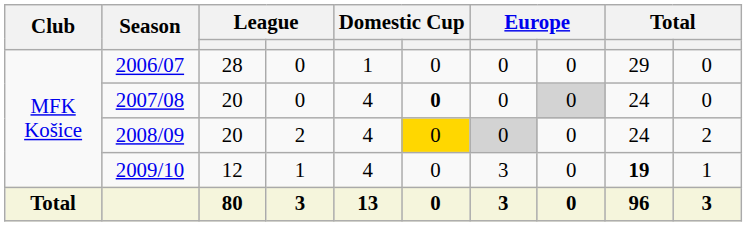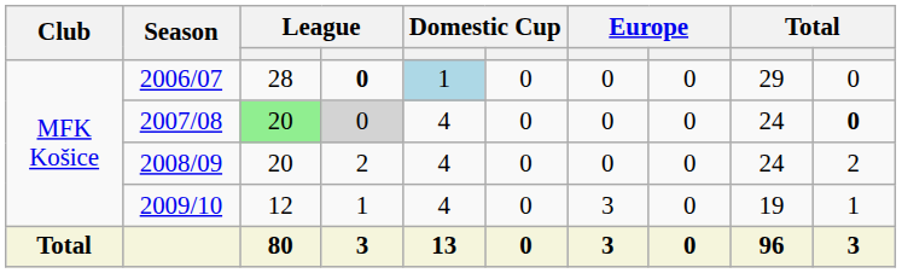 <table class="wikitable" align=center style="font-size:90%; text-align: center;">
 <tr>
 <th width=60 rowspan="2">Club</th>
 <th width=60 rowspan="2">Season</th>
 <th width=80 colspan="2">League</th>
 <th width=80 colspan="2">Domestic Cup</th>
 <th width=80 colspan="2"><a href='#'>Europe</a></th>
 <th width=80 colspan="2">Total</th>
 </tr>
 <tr align=center>
 <th width=40 App></th>
 <th width=40 abbr="Goals for"></th>
 <th width=40 App></th>
 <th width=40 abbr="Goals for"></th>
 <th width=40 App></th>
 <th width=40 abbr="Goals for"></th>
 <th width=40 App></th>
 <th width=40 abbr="Goals for"></th>
 </tr>
 <tr align=center>
 <td rowspan="4" valign=center><a href='#'>MFK Košice</a></td>
 <td><a href='#'>2006/07</a></td>
 <td>28</td>
-<td>0</td>
-<td>1</td>
+<td><strong>0</strong></td>
+<td style="background: lightblue;">1</td>
 <td>0</td>
 <td>0</td>
 <td>0</td>
 <td>29</td>
 <td>0</td>
 </tr>
 <tr align=center>
 <td><a href='#'>2007/08</a></td>
-<td>20</td>
+<td style="background: lightgreen;">20</td>
+<td style="background: lightgrey;">0</td>
+<td>4</td>
 <td>0</td>
-<td>4</td>
+<td>0</td>
+<td>0</td>
+<td>24</td>
 <td><strong>0</strong></td>
-<td>0</td>
-<td style="background: lightgrey;">0</td>
-<td>24</td>
-<td>0</td>
 </tr>
 <tr align=center>
 <td><a href='#'>2008/09</a></td>
 <td>20</td>
 <td>2</td>
 <td>4</td>
-<td style="background: gold;">0</td>
-<td style="background: lightgrey;">0</td>
+<td>0</td>
+<td>0</td>
 <td>0</td>
 <td>24</td>
 <td>2</td>
 </tr>
 <tr align=center>
 <td><a href='#'>2009/10</a></td>
 <td>12</td>
 <td>1</td>
 <td>4</td>
 <td>0</td>
 <td>3</td>
 <td>0</td>
-<td><strong>19</strong></td>
+<td>19</td>
 <td>1</td>
 </tr>
 <tr align=center>
 <th align=left style="background:beige">Total</th>
 <th align=left style="background:beige"></th>
 <th align=left style="background:beige">80</th>
 <th align=left style="background:beige">3</th>
 <th align=left style="background:beige">13</th>
 <th align=left style="background:beige">0</th>
 <th align=left style="background:beige">3</th>
 <th align=left style="background:beige">0</th>
 <th align=left style="background:beige">96</th>
 <th align=left style="background:beige">3</th>
 </tr>
 </table>
